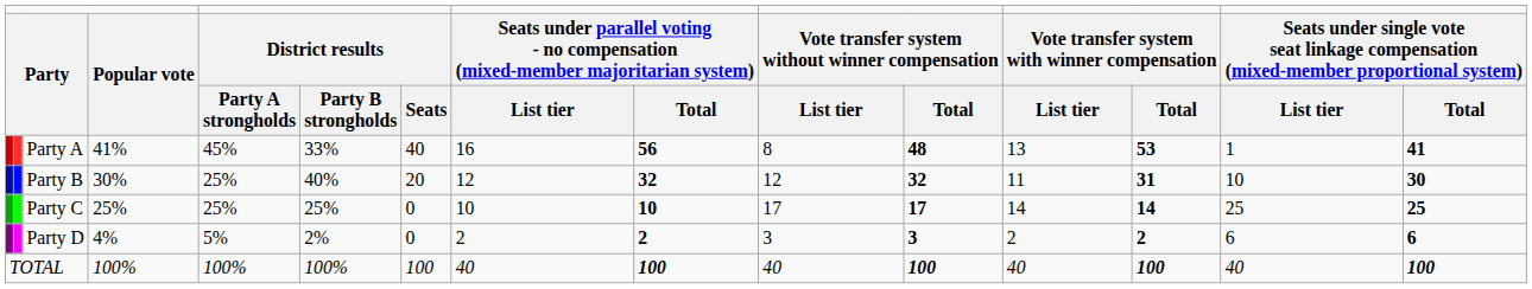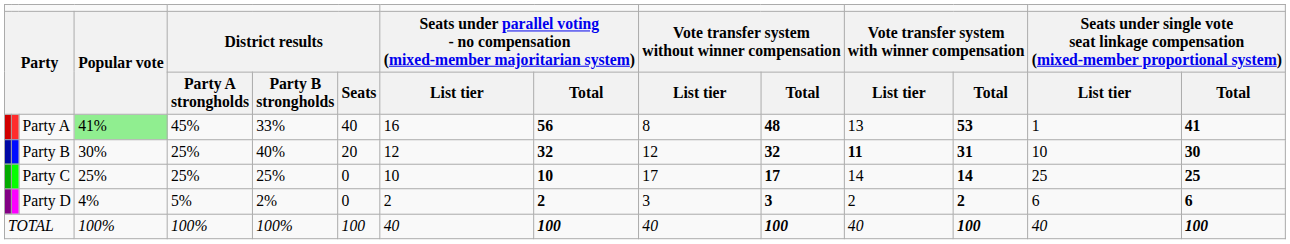 <table class="wikitable">
 <tr>
 <td colspan="4"></td>
 <td colspan="3"></td>
 <td colspan="2"></td>
 <td colspan="2"></td>
 <td colspan="2"></td>
 <td colspan="2"></td>
 </tr>
 <tr>
 <th colspan="3" rowspan="2">Party</th>
 <th rowspan="2">Popular vote</th>
 <th colspan="3">District results</th>
 <th colspan="2">Seats under <a href='#'>parallel voting</a><br>- no compensation<br>(<a href='#'>mixed-member majoritarian system</a>)</th>
 <th colspan="2">Vote transfer system<br>without winner compensation</th>
 <th colspan="2">Vote transfer system<br>with winner compensation</th>
 <th colspan="2">Seats under single vote<br>seat linkage compensation<br>(<a href='#'>mixed-member proportional system</a>)</th>
 </tr>
 <tr>
 <th>Party A<br>strongholds</th>
 <th>Party B<br>strongholds</th>
 <th>Seats</th>
 <th>List tier</th>
 <th>Total</th>
 <th>List tier</th>
 <th>Total</th>
 <th>List tier</th>
 <th>Total</th>
 <th>List tier</th>
 <th>Total</th>
 </tr>
 <tr>
 <td style="background:#D10000"></td>
 <td style="background:#ff2c2c"></td>
 <td>Party A</td>
-<td>41%</td>
+<td style="background: lightgreen;">41%</td>
 <td>45%</td>
 <td>33%</td>
 <td>40</td>
 <td>16</td>
 <td><strong>56</strong></td>
 <td>8</td>
 <td><strong>48</strong></td>
 <td>13</td>
 <td><strong>53</strong></td>
 <td>1</td>
 <td><strong>41</strong></td>
 </tr>
 <tr>
 <td style="background:#0008A5"></td>
 <td style="background:#000cff"></td>
 <td>Party B</td>
 <td>30%</td>
 <td>25%</td>
 <td>40%</td>
 <td>20</td>
 <td>12</td>
 <td><strong>32</strong></td>
 <td>12</td>
 <td><strong>32</strong></td>
-<td>11</td>
+<td><strong>11</strong></td>
 <td><strong>31</strong></td>
 <td>10</td>
 <td><strong>30</strong></td>
 </tr>
 <tr>
 <td style="background:#03AA00"></td>
 <td style="background:#05ff00"></td>
 <td>Party C</td>
 <td>25%</td>
 <td>25%</td>
 <td>25%</td>
 <td>0</td>
 <td>10</td>
 <td><strong>10</strong></td>
 <td>17</td>
 <td><strong>17</strong></td>
 <td>14</td>
 <td><strong>14</strong></td>
 <td>25</td>
 <td><strong>25</strong></td>
 </tr>
 <tr>
 <td style="background:#820084"></td>
 <td style="background:#fb00ff"></td>
 <td>Party D</td>
 <td>4%</td>
 <td>5%</td>
 <td>2%</td>
 <td>0</td>
 <td>2</td>
 <td><strong>2</strong></td>
 <td>3</td>
 <td><strong>3</strong></td>
 <td>2</td>
 <td><strong>2</strong></td>
 <td>6</td>
 <td><strong>6</strong></td>
 </tr>
 <tr>
 <td colspan="3"><em>TOTAL</em></td>
 <td><em>100%</em></td>
 <td><em>100%</em></td>
 <td><em>100%</em></td>
 <td><em>100</em></td>
 <td><em>40</em></td>
 <td><strong><em>100</em></strong></td>
 <td><em>40</em></td>
 <td><strong><em>100</em></strong></td>
 <td><em>40</em></td>
 <td><strong><em>100</em></strong></td>
 <td><em>40</em></td>
 <td><strong><em>100</em></strong></td>
 </tr>
 </table>
